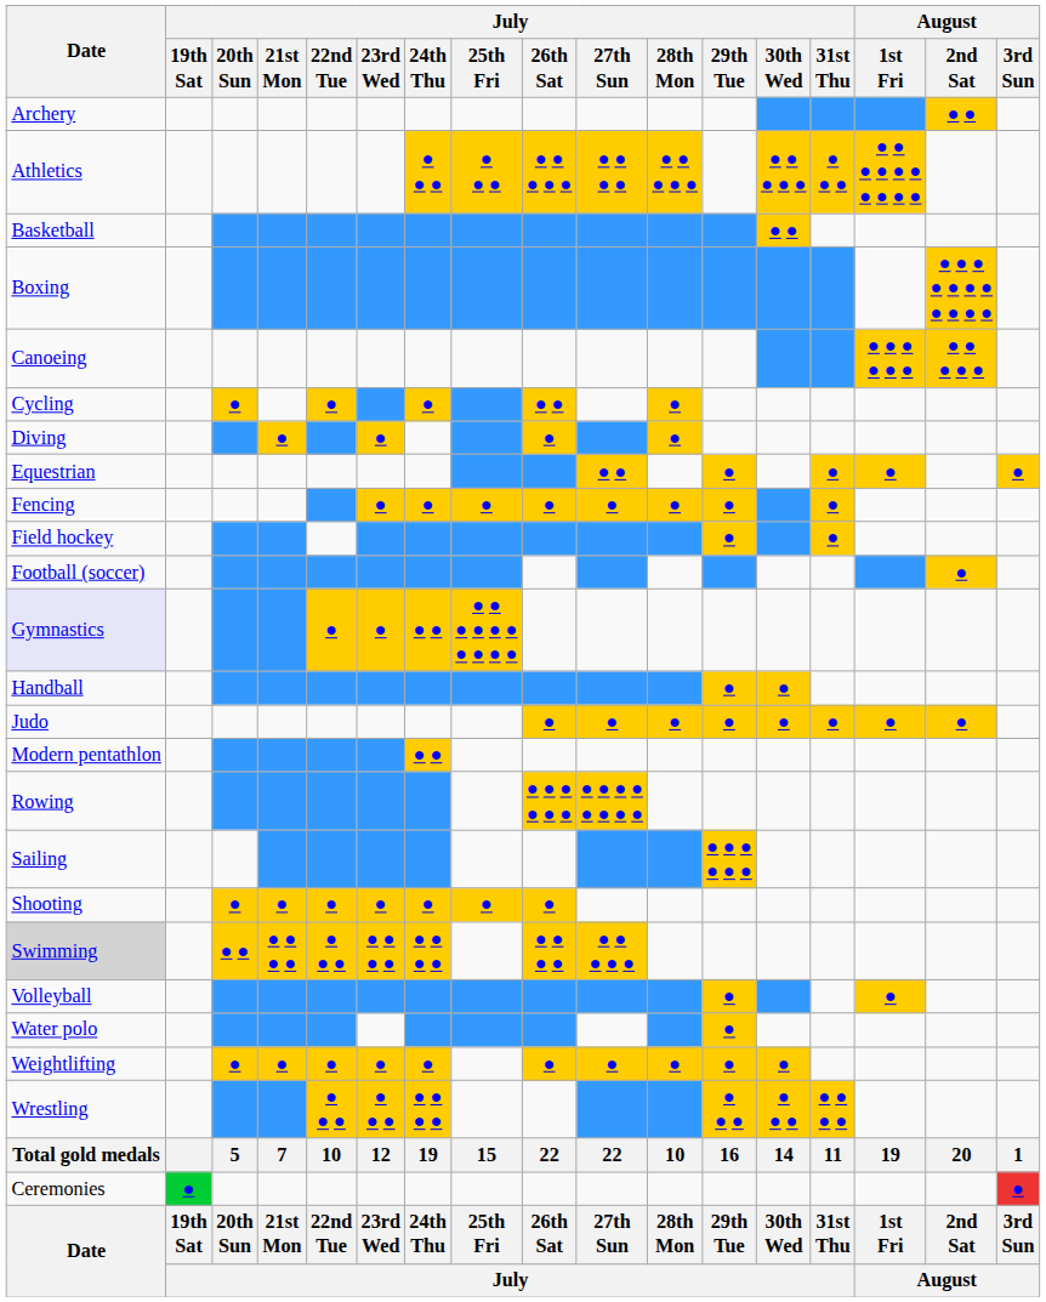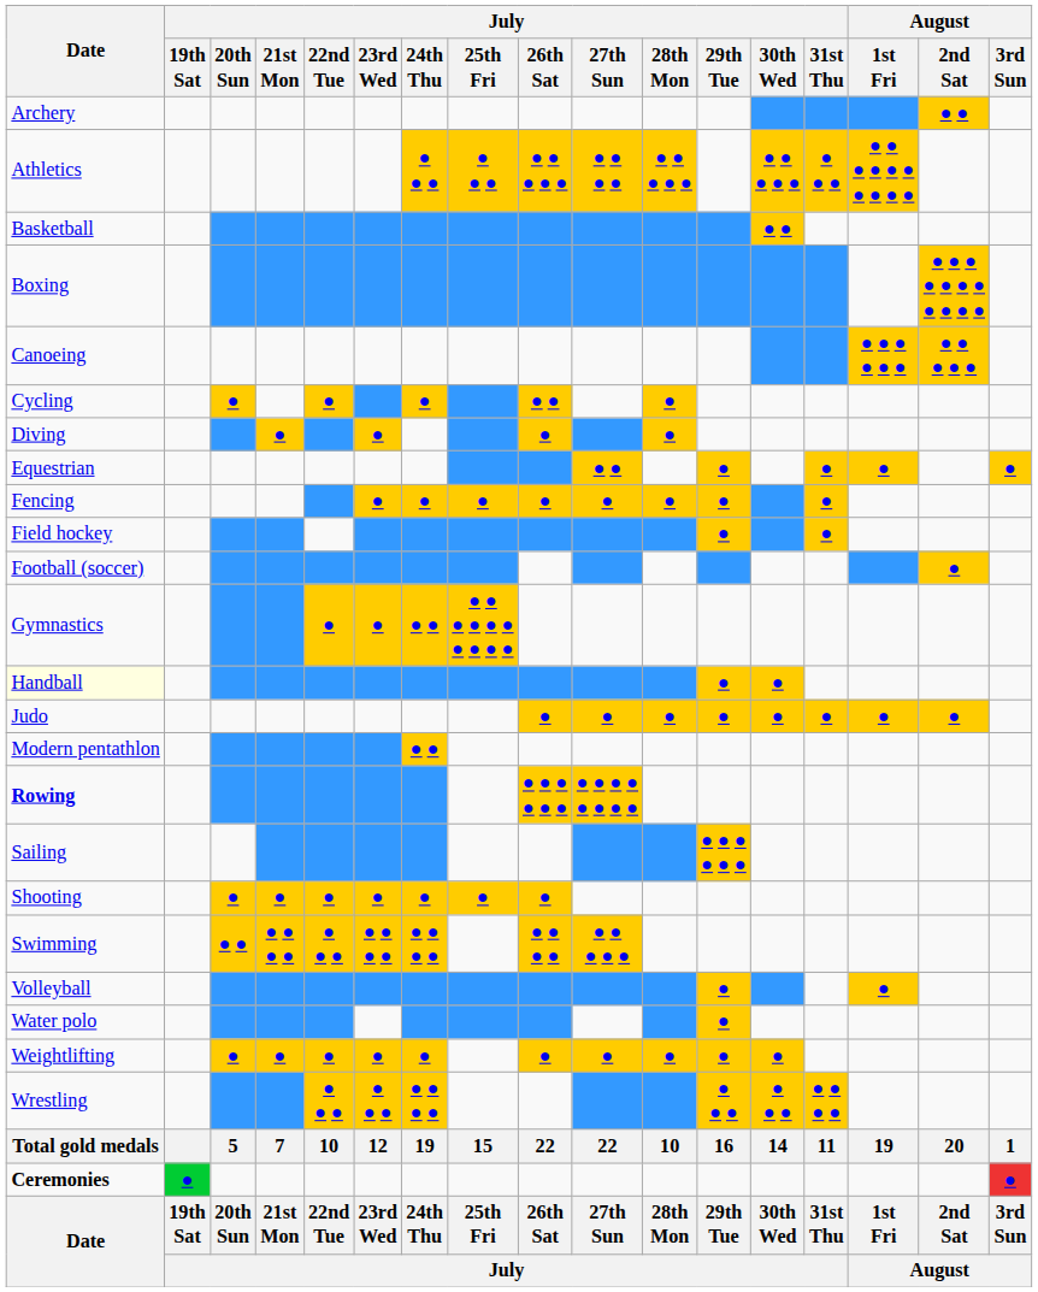 <table class="wikitable" style="margin:0.5em auto; line-height:1.25em;">
 <tr>
 <th rowspan=2>Date</th>
 <th colspan=13>July</th>
 <th colspan=3>August</th>
 </tr>
 <tr>
 <th>19th<br>Sat</th>
 <th>20th<br>Sun</th>
 <th>21st<br>Mon</th>
 <th>22nd<br>Tue</th>
 <th>23rd<br>Wed</th>
 <th>24th<br>Thu</th>
 <th>25th<br>Fri</th>
 <th>26th<br>Sat</th>
 <th>27th<br>Sun</th>
 <th>28th<br>Mon</th>
 <th>29th<br>Tue</th>
 <th>30th<br>Wed</th>
 <th>31st<br>Thu</th>
 <th>1st<br>Fri</th>
 <th>2nd<br>Sat</th>
 <th>3rd<br>Sun</th>
 </tr>
 <tr style="text-align:center;">
 <td style="text-align:left;"><a href='#'>Archery</a></td>
 <td></td>
 <td></td>
 <td></td>
 <td></td>
 <td></td>
 <td></td>
 <td></td>
 <td></td>
 <td></td>
 <td></td>
 <td></td>
 <td style="background:#39f;"></td>
 <td style="background:#39f;"></td>
 <td style="background:#39f;"></td>
 <td style="background:#fc0;"><a href='#'>●</a> <a href='#'>●</a></td>
 <td></td>
 </tr>
 <tr style="text-align:center;">
 <td style="text-align:left;"><a href='#'>Athletics</a></td>
 <td></td>
 <td></td>
 <td></td>
 <td></td>
 <td></td>
 <td style="background:#fc0;"><span><a href='#'>●</a><br><a href='#'>●</a> <a href='#'>●</a></span></td>
 <td style="background:#fc0;"><span><a href='#'>●</a><br><a href='#'>●</a> <a href='#'>●</a></span></td>
 <td style="background:#fc0;"><span><a href='#'>●</a> <a href='#'>●</a><br><a href='#'>●</a> <a href='#'>●</a> <a href='#'>●</a></span></td>
 <td style="background:#fc0;"><span><a href='#'>●</a> <a href='#'>●</a><br><a href='#'>●</a> <a href='#'>●</a></span></td>
 <td style="background:#fc0;"><span><a href='#'>●</a> <a href='#'>●</a><br><a href='#'>●</a> <a href='#'>●</a> <a href='#'>●</a></span></td>
 <td></td>
 <td style="background:#fc0;"><span><a href='#'>●</a> <a href='#'>●</a><br><a href='#'>●</a> <a href='#'>●</a> <a href='#'>●</a></span></td>
 <td style="background:#fc0;"><span><a href='#'>●</a><br><a href='#'>●</a> <a href='#'>●</a></span></td>
 <td style="background:#fc0;"><span><a href='#'>●</a> <a href='#'>●</a><br><a href='#'>●</a> <a href='#'>●</a> <a href='#'>●</a> <a href='#'>●</a><br><a href='#'>●</a> <a href='#'>●</a> <a href='#'>●</a> <a href='#'>●</a></span></td>
 <td></td>
 <td></td>
 </tr>
 <tr style="text-align:center;">
 <td style="text-align:left;"><a href='#'>Basketball</a></td>
 <td></td>
 <td style="background:#39f;"></td>
 <td style="background:#39f;"></td>
 <td style="background:#39f;"></td>
 <td style="background:#39f;"></td>
 <td style="background:#39f;"></td>
 <td style="background:#39f;"></td>
 <td style="background:#39f;"></td>
 <td style="background:#39f;"></td>
 <td style="background:#39f;"></td>
 <td style="background:#39f;"></td>
 <td style="background:#fc0;"><a href='#'>●</a> <a href='#'>●</a></td>
 <td></td>
 <td></td>
 <td></td>
 <td></td>
 </tr>
 <tr style="text-align:center;">
 <td style="text-align:left;"><a href='#'>Boxing</a></td>
 <td></td>
 <td style="background:#39f;"></td>
 <td style="background:#39f;"></td>
 <td style="background:#39f;"></td>
 <td style="background:#39f;"></td>
 <td style="background:#39f;"></td>
 <td style="background:#39f;"></td>
 <td style="background:#39f;"></td>
 <td style="background:#39f;"></td>
 <td style="background:#39f;"></td>
 <td style="background:#39f;"></td>
 <td style="background:#39f;"></td>
 <td style="background:#39f;"></td>
 <td></td>
 <td style="background:#fc0;"><span><a href='#'>●</a> <a href='#'>●</a> <a href='#'>●</a><br><a href='#'>●</a> <a href='#'>●</a> <a href='#'>●</a> <a href='#'>●</a><br><a href='#'>●</a> <a href='#'>●</a> <a href='#'>●</a> <a href='#'>●</a></span></td>
 <td></td>
 </tr>
 <tr style="text-align:center;">
 <td style="text-align:left;"><a href='#'>Canoeing</a></td>
 <td></td>
 <td></td>
 <td></td>
 <td></td>
 <td></td>
 <td></td>
 <td></td>
 <td></td>
 <td></td>
 <td></td>
 <td></td>
 <td style="background:#39f;"></td>
 <td style="background:#39f;"></td>
 <td style="background:#fc0;"><span><a href='#'>●</a> <a href='#'>●</a> <a href='#'>●</a><br><a href='#'>●</a> <a href='#'>●</a> <a href='#'>●</a></span></td>
 <td style="background:#fc0;"><span><a href='#'>●</a> <a href='#'>●</a><br><a href='#'>●</a> <a href='#'>●</a> <a href='#'>●</a></span></td>
 <td></td>
 </tr>
 <tr style="text-align:center;">
 <td style="text-align:left;"><a href='#'>Cycling</a></td>
 <td></td>
 <td style="background:#fc0;"><a href='#'>●</a></td>
 <td></td>
 <td style="background:#fc0;"><a href='#'>●</a></td>
 <td style="background:#39f;"></td>
 <td style="background:#fc0;"><a href='#'>●</a></td>
 <td style="background:#39f;"></td>
 <td style="background:#fc0;"><a href='#'>●</a> <a href='#'>●</a></td>
 <td></td>
 <td style="background:#fc0;"><a href='#'>●</a></td>
 <td></td>
 <td></td>
 <td></td>
 <td></td>
 <td></td>
 <td></td>
 </tr>
 <tr style="text-align:center;">
 <td style="text-align:left;"><a href='#'>Diving</a></td>
 <td></td>
 <td style="background:#39f;"></td>
 <td style="background:#fc0;"><a href='#'>●</a></td>
 <td style="background:#39f;"></td>
 <td style="background:#fc0;"><a href='#'>●</a></td>
 <td></td>
 <td style="background:#39f;"></td>
 <td style="background:#fc0;"><a href='#'>●</a></td>
 <td style="background:#39f;"></td>
 <td style="background:#fc0;"><a href='#'>●</a></td>
 <td></td>
 <td></td>
 <td></td>
 <td></td>
 <td></td>
 <td></td>
 </tr>
 <tr style="text-align:center;">
 <td style="text-align:left;"><a href='#'>Equestrian</a></td>
 <td></td>
 <td></td>
 <td></td>
 <td></td>
 <td></td>
 <td></td>
 <td style="background:#39f;"></td>
 <td style="background:#39f;"></td>
 <td style="background:#fc0;"><a href='#'>●</a> <a href='#'>●</a></td>
 <td></td>
 <td style="background:#fc0;"><a href='#'>●</a></td>
 <td></td>
 <td style="background:#fc0;"><a href='#'>●</a></td>
 <td style="background:#fc0;"><a href='#'>●</a></td>
 <td></td>
 <td style="background:#fc0;"><a href='#'>●</a></td>
 </tr>
 <tr style="text-align:center;">
 <td style="text-align:left;"><a href='#'>Fencing</a></td>
 <td></td>
 <td></td>
 <td></td>
 <td style="background:#39f;"></td>
 <td style="background:#fc0;"><a href='#'>●</a></td>
 <td style="background:#fc0;"><a href='#'>●</a></td>
 <td style="background:#fc0;"><a href='#'>●</a></td>
 <td style="background:#fc0;"><a href='#'>●</a></td>
 <td style="background:#fc0;"><a href='#'>●</a></td>
 <td style="background:#fc0;"><a href='#'>●</a></td>
 <td style="background:#fc0;"><a href='#'>●</a></td>
 <td style="background:#39f;"></td>
 <td style="background:#fc0;"><a href='#'>●</a></td>
 <td></td>
 <td></td>
 <td></td>
 </tr>
 <tr style="text-align:center;">
 <td style="text-align:left;"><a href='#'>Field hockey</a></td>
 <td></td>
 <td style="background:#39f;"></td>
 <td style="background:#39f;"></td>
 <td></td>
 <td style="background:#39f;"></td>
 <td style="background:#39f;"></td>
 <td style="background:#39f;"></td>
 <td style="background:#39f;"></td>
 <td style="background:#39f;"></td>
 <td style="background:#39f;"></td>
 <td style="background:#fc0;"><a href='#'>●</a></td>
 <td style="background:#39f;"></td>
 <td style="background:#fc0;"><a href='#'>●</a></td>
 <td></td>
 <td></td>
 <td></td>
 </tr>
 <tr style="text-align:center;">
 <td style="text-align:left;"><a href='#'>Football (soccer)</a></td>
 <td></td>
 <td style="background:#39f;"></td>
 <td style="background:#39f;"></td>
 <td style="background:#39f;"></td>
 <td style="background:#39f;"></td>
 <td style="background:#39f;"></td>
 <td style="background:#39f;"></td>
 <td></td>
 <td style="background:#39f;"></td>
 <td></td>
 <td style="background:#39f;"></td>
 <td></td>
 <td></td>
 <td style="background:#39f;"></td>
 <td style="background:#fc0;"><a href='#'>●</a></td>
 <td></td>
 </tr>
 <tr style="text-align:center;">
-<td style="background: lavender; text-align:left;"><a href='#'>Gymnastics</a></td>
+<td style="text-align:left;"><a href='#'>Gymnastics</a></td>
 <td></td>
 <td style="background:#39f;"></td>
 <td style="background:#39f;"></td>
 <td style="background:#fc0;"><a href='#'>●</a></td>
 <td style="background:#fc0;"><a href='#'>●</a></td>
 <td style="background:#fc0;"><a href='#'>●</a> <a href='#'>●</a></td>
 <td style="background:#fc0;"><span><a href='#'>●</a> <a href='#'>●</a><br><a href='#'>●</a> <a href='#'>●</a> <a href='#'>●</a> <a href='#'>●</a><br><a href='#'>●</a> <a href='#'>●</a> <a href='#'>●</a> <a href='#'>●</a></span></td>
 <td></td>
 <td></td>
 <td></td>
 <td></td>
 <td></td>
 <td></td>
 <td></td>
 <td></td>
 <td></td>
 </tr>
 <tr style="text-align:center;">
-<td style="text-align:left;"><a href='#'>Handball</a></td>
+<td style="background: lightyellow; text-align:left;"><a href='#'>Handball</a></td>
 <td></td>
 <td style="background:#39f;"></td>
 <td style="background:#39f;"></td>
 <td style="background:#39f;"></td>
 <td style="background:#39f;"></td>
 <td style="background:#39f;"></td>
 <td style="background:#39f;"></td>
 <td style="background:#39f;"></td>
 <td style="background:#39f;"></td>
 <td style="background:#39f;"></td>
 <td style="background:#fc0;"><a href='#'>●</a></td>
 <td style="background:#fc0;"><a href='#'>●</a></td>
 <td></td>
 <td></td>
 <td></td>
 <td></td>
 </tr>
 <tr style="text-align:center;">
 <td style="text-align:left;"><a href='#'>Judo</a></td>
 <td></td>
 <td></td>
 <td></td>
 <td></td>
 <td></td>
 <td></td>
 <td></td>
 <td style="background:#fc0;"><a href='#'>●</a></td>
 <td style="background:#fc0;"><a href='#'>●</a></td>
 <td style="background:#fc0;"><a href='#'>●</a></td>
 <td style="background:#fc0;"><a href='#'>●</a></td>
 <td style="background:#fc0;"><a href='#'>●</a></td>
 <td style="background:#fc0;"><a href='#'>●</a></td>
 <td style="background:#fc0;"><a href='#'>●</a></td>
 <td style="background:#fc0;"><a href='#'>●</a></td>
 <td></td>
 </tr>
 <tr style="text-align:center;">
 <td style="text-align:left;"><a href='#'>Modern pentathlon</a></td>
 <td></td>
 <td style="background:#39f;"></td>
 <td style="background:#39f;"></td>
 <td style="background:#39f;"></td>
 <td style="background:#39f;"></td>
 <td style="background:#fc0;"><a href='#'>●</a> <a href='#'>●</a></td>
 <td></td>
 <td></td>
 <td></td>
 <td></td>
 <td></td>
 <td></td>
 <td></td>
 <td></td>
 <td></td>
 <td></td>
 </tr>
 <tr style="text-align:center;">
-<td style="text-align:left;"><a href='#'>Rowing</a></td>
+<td style="text-align:left;"><strong><a href='#'>Rowing</a></strong></td>
 <td></td>
 <td style="background:#39f;"></td>
 <td style="background:#39f;"></td>
 <td style="background:#39f;"></td>
 <td style="background:#39f;"></td>
 <td style="background:#39f;"></td>
 <td></td>
 <td style="background:#fc0;"><span><a href='#'>●</a> <a href='#'>●</a> <a href='#'>●</a><br><a href='#'>●</a> <a href='#'>●</a> <a href='#'>●</a></span></td>
 <td style="background:#fc0;"><span><a href='#'>●</a> <a href='#'>●</a> <a href='#'>●</a> <a href='#'>●</a><br><a href='#'>●</a> <a href='#'>●</a> <a href='#'>●</a> <a href='#'>●</a></span></td>
 <td></td>
 <td></td>
 <td></td>
 <td></td>
 <td></td>
 <td></td>
 <td></td>
 </tr>
 <tr style="text-align:center;">
 <td style="text-align:left;"><a href='#'>Sailing</a></td>
 <td></td>
 <td></td>
 <td style="background:#39f;"></td>
 <td style="background:#39f;"></td>
 <td style="background:#39f;"></td>
 <td style="background:#39f;"></td>
 <td></td>
 <td></td>
 <td style="background:#39f;"></td>
 <td style="background:#39f;"></td>
 <td style="background:#fc0;"><span><a href='#'>●</a> <a href='#'>●</a> <a href='#'>●</a><br><a href='#'>●</a> <a href='#'>●</a> <a href='#'>●</a></span></td>
 <td></td>
 <td></td>
 <td></td>
 <td></td>
 <td></td>
 </tr>
 <tr style="text-align:center;">
 <td style="text-align:left;"><a href='#'>Shooting</a></td>
 <td></td>
 <td style="background:#fc0;"><a href='#'>●</a></td>
 <td style="background:#fc0;"><a href='#'>●</a></td>
 <td style="background:#fc0;"><a href='#'>●</a></td>
 <td style="background:#fc0;"><a href='#'>●</a></td>
 <td style="background:#fc0;"><a href='#'>●</a></td>
 <td style="background:#fc0;"><a href='#'>●</a></td>
 <td style="background:#fc0;"><a href='#'>●</a></td>
 <td></td>
 <td></td>
 <td></td>
 <td></td>
 <td></td>
 <td></td>
 <td></td>
 <td></td>
 </tr>
 <tr style="text-align:center;">
-<td style="background: lightgrey; text-align:left;"><a href='#'>Swimming</a></td>
+<td style="text-align:left;"><a href='#'>Swimming</a></td>
 <td></td>
 <td style="background:#fc0;"><a href='#'>●</a> <a href='#'>●</a></td>
 <td style="background:#fc0;"><span><a href='#'>●</a> <a href='#'>●</a><br><a href='#'>●</a> <a href='#'>●</a></span></td>
 <td style="background:#fc0;"><span><a href='#'>●</a><br><a href='#'>●</a> <a href='#'>●</a></span></td>
 <td style="background:#fc0;"><span><a href='#'>●</a> <a href='#'>●</a><br><a href='#'>●</a> <a href='#'>●</a></span></td>
 <td style="background:#fc0;"><span><a href='#'>●</a> <a href='#'>●</a><br><a href='#'>●</a> <a href='#'>●</a></span></td>
 <td></td>
 <td style="background:#fc0;"><span><a href='#'>●</a> <a href='#'>●</a><br><a href='#'>●</a> <a href='#'>●</a></span></td>
 <td style="background:#fc0;"><span><a href='#'>●</a> <a href='#'>●</a><br><a href='#'>●</a> <a href='#'>●</a> <a href='#'>●</a></span></td>
 <td></td>
 <td></td>
 <td></td>
 <td></td>
 <td></td>
 <td></td>
 <td></td>
 </tr>
 <tr style="text-align:center;">
 <td style="text-align:left;"><a href='#'>Volleyball</a></td>
 <td></td>
 <td style="background:#39f;"></td>
 <td style="background:#39f;"></td>
 <td style="background:#39f;"></td>
 <td style="background:#39f;"></td>
 <td style="background:#39f;"></td>
 <td style="background:#39f;"></td>
 <td style="background:#39f;"></td>
 <td style="background:#39f;"></td>
 <td style="background:#39f;"></td>
 <td style="background:#fc0;"><a href='#'>●</a></td>
 <td style="background:#39f;"></td>
 <td></td>
 <td style="background:#fc0;"><a href='#'>●</a></td>
 <td></td>
 <td></td>
 </tr>
 <tr style="text-align:center;">
 <td style="text-align:left;"><a href='#'>Water polo</a></td>
 <td></td>
 <td style="background:#39f;"></td>
 <td style="background:#39f;"></td>
 <td style="background:#39f;"></td>
 <td></td>
 <td style="background:#39f;"></td>
 <td style="background:#39f;"></td>
 <td style="background:#39f;"></td>
 <td></td>
 <td style="background:#39f;"></td>
 <td style="background:#fc0;"><a href='#'>●</a></td>
 <td></td>
 <td></td>
 <td></td>
 <td></td>
 <td></td>
 </tr>
 <tr style="text-align:center;">
 <td style="text-align:left;"><a href='#'>Weightlifting</a></td>
 <td></td>
 <td style="background:#fc0;"><a href='#'>●</a></td>
 <td style="background:#fc0;"><a href='#'>●</a></td>
 <td style="background:#fc0;"><a href='#'>●</a></td>
 <td style="background:#fc0;"><a href='#'>●</a></td>
 <td style="background:#fc0;"><a href='#'>●</a></td>
 <td></td>
 <td style="background:#fc0;"><a href='#'>●</a></td>
 <td style="background:#fc0;"><a href='#'>●</a></td>
 <td style="background:#fc0;"><a href='#'>●</a></td>
 <td style="background:#fc0;"><a href='#'>●</a></td>
 <td style="background:#fc0;"><a href='#'>●</a></td>
 <td></td>
 <td></td>
 <td></td>
 <td></td>
 </tr>
 <tr style="text-align:center;">
 <td style="text-align:left;"><a href='#'>Wrestling</a></td>
 <td></td>
 <td style="background:#39f;"></td>
 <td style="background:#39f;"></td>
 <td style="background:#fc0;"><span><a href='#'>●</a><br><a href='#'>●</a> <a href='#'>●</a></span></td>
 <td style="background:#fc0;"><span><a href='#'>●</a><br><a href='#'>●</a> <a href='#'>●</a></span></td>
 <td style="background:#fc0;"><span><a href='#'>●</a> <a href='#'>●</a><br><a href='#'>●</a> <a href='#'>●</a></span></td>
 <td></td>
 <td></td>
 <td style="background:#39f;"></td>
 <td style="background:#39f;"></td>
 <td style="background:#fc0;"><span><a href='#'>●</a><br><a href='#'>●</a> <a href='#'>●</a></span></td>
 <td style="background:#fc0;"><span><a href='#'>●</a><br><a href='#'>●</a> <a href='#'>●</a></span></td>
 <td style="background:#fc0;"><span><a href='#'>●</a> <a href='#'>●</a><br><a href='#'>●</a> <a href='#'>●</a></span></td>
 <td></td>
 <td></td>
 <td></td>
 </tr>
 <tr>
 <th>Total gold medals</th>
 <th></th>
 <th>5</th>
 <th>7</th>
 <th>10</th>
 <th>12</th>
 <th>19</th>
 <th>15</th>
 <th>22</th>
 <th>22</th>
 <th>10</th>
 <th>16</th>
 <th>14</th>
 <th>11</th>
 <th>19</th>
 <th>20</th>
 <th>1</th>
 </tr>
 <tr>
-<td>Ceremonies</td>
+<td><strong>Ceremonies</strong></td>
 <td style="background:#0c3; text-align:center;"><a href='#'>●</a></td>
 <td></td>
 <td></td>
 <td></td>
 <td></td>
 <td></td>
 <td></td>
 <td></td>
 <td></td>
 <td></td>
 <td></td>
 <td></td>
 <td></td>
 <td></td>
 <td></td>
 <td style="background:#e33; text-align:center;"><a href='#'>●</a></td>
 </tr>
 <tr>
 <th rowspan=2>Date</th>
 <th>19th<br>Sat</th>
 <th>20th<br>Sun</th>
 <th>21st<br>Mon</th>
 <th>22nd<br>Tue</th>
 <th>23rd<br>Wed</th>
 <th>24th<br>Thu</th>
 <th>25th<br>Fri</th>
 <th>26th<br>Sat</th>
 <th>27th<br>Sun</th>
 <th>28th<br>Mon</th>
 <th>29th<br>Tue</th>
 <th>30th<br>Wed</th>
 <th>31st<br>Thu</th>
 <th>1st<br>Fri</th>
 <th>2nd<br>Sat</th>
 <th>3rd<br>Sun</th>
 </tr>
 <tr>
 <th colspan=13>July</th>
 <th colspan=3>August</th>
 </tr>
 </table>
